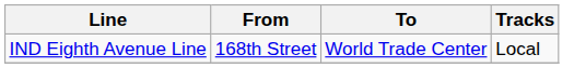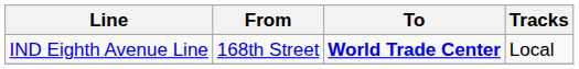 <table class="wikitable" style="font-size:95%">
 <tr>
 <th>Line</th>
 <th>From</th>
 <th>To</th>
 <th>Tracks</th>
 </tr>
 <tr>
 <td><a href='#'>IND Eighth Avenue Line</a></td>
 <td><a href='#'>168th Street</a></td>
-<td><a href='#'>World Trade Center</a></td>
+<td><strong><a href='#'>World Trade Center</a></strong></td>
 <td>Local</td>
 </tr>
 <tr>
 </tr>
 </table>
